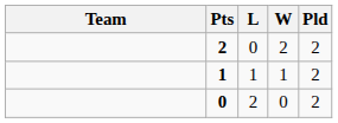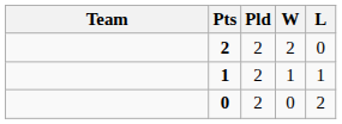 <table class=wikitable style="text-align:center">
 <tr>
 <th width=175>Team</th>
 <th width=20>Pts</th>
+<th width=20>Pld</th>
+<th width=20>W</th>
 <th width=20>L</th>
-<th width=20>W</th>
-<th width=20>Pld</th>
 </tr>
 <tr>
 <td style="text-align:left"></td>
 <td><strong>2</strong></td>
-<td>0</td>
 <td>2</td>
 <td>2</td>
+<td>0</td>
 </tr>
 <tr>
 <td style="text-align:left"></td>
 <td><strong>1</strong></td>
+<td>2</td>
 <td>1</td>
 <td>1</td>
-<td>2</td>
 </tr>
 <tr>
 <td style="text-align:left"></td>
 <td><strong>0</strong></td>
 <td>2</td>
 <td>0</td>
 <td>2</td>
 </tr>
 </table>
